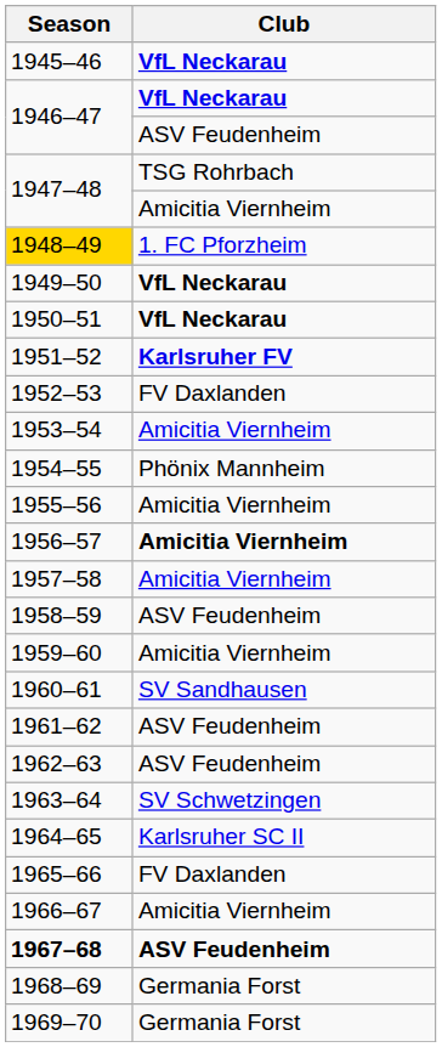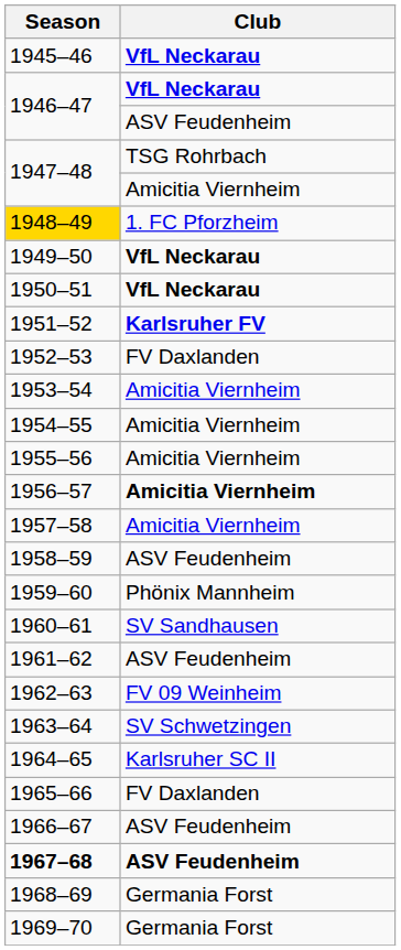 <table class="wikitable">
 <tr align="center" bgcolor="#dfdfdf">
 <th width="80">Season</th>
 <th width="200">Club</th>
 </tr>
 <tr>
 <td>1945–46</td>
 <td><strong><a href='#'>VfL Neckarau</a></strong></td>
 </tr>
 <tr>
 <td rowspan=2>1946–47</td>
 <td><strong><a href='#'>VfL Neckarau</a></strong></td>
 </tr>
 <tr>
 <td>ASV Feudenheim</td>
 </tr>
 <tr>
 <td rowspan=2>1947–48</td>
 <td>TSG Rohrbach</td>
 </tr>
 <tr>
 <td>Amicitia Viernheim</td>
 </tr>
 <tr>
 <td style="background: gold;">1948–49</td>
 <td><a href='#'>1. FC Pforzheim</a></td>
 </tr>
 <tr>
 <td>1949–50</td>
 <td><strong>VfL Neckarau</strong></td>
 </tr>
 <tr>
 <td>1950–51</td>
 <td><strong>VfL Neckarau</strong></td>
 </tr>
 <tr>
 <td>1951–52</td>
 <td><strong><a href='#'>Karlsruher FV</a></strong></td>
 </tr>
 <tr>
 <td>1952–53</td>
 <td>FV Daxlanden</td>
 </tr>
 <tr>
 <td>1953–54</td>
 <td><a href='#'>Amicitia Viernheim</a></td>
 </tr>
 <tr>
 <td>1954–55</td>
-<td>Phönix Mannheim</td>
+<td>Amicitia Viernheim</td>
 </tr>
 <tr>
 <td>1955–56</td>
 <td>Amicitia Viernheim</td>
 </tr>
 <tr>
 <td>1956–57</td>
 <td><strong>Amicitia Viernheim</strong></td>
 </tr>
 <tr>
 <td>1957–58</td>
 <td><a href='#'>Amicitia Viernheim</a></td>
 </tr>
 <tr>
 <td>1958–59</td>
 <td>ASV Feudenheim</td>
 </tr>
 <tr>
 <td>1959–60</td>
-<td>Amicitia Viernheim</td>
+<td>Phönix Mannheim</td>
 </tr>
 <tr>
 <td>1960–61</td>
 <td><a href='#'>SV Sandhausen</a></td>
 </tr>
 <tr>
 <td>1961–62</td>
 <td>ASV Feudenheim</td>
 </tr>
 <tr>
 <td>1962–63</td>
-<td>ASV Feudenheim</td>
+<td><a href='#'>FV 09 Weinheim</a></td>
 </tr>
 <tr>
 <td>1963–64</td>
 <td><a href='#'>SV Schwetzingen</a></td>
 </tr>
 <tr>
 <td>1964–65</td>
 <td><a href='#'>Karlsruher SC II</a></td>
 </tr>
 <tr>
 <td>1965–66</td>
 <td>FV Daxlanden</td>
 </tr>
 <tr>
 <td>1966–67</td>
-<td>Amicitia Viernheim</td>
+<td>ASV Feudenheim</td>
 </tr>
 <tr>
 <td><strong>1967–68</strong></td>
 <td><strong>ASV Feudenheim</strong></td>
 </tr>
 <tr>
 <td>1968–69</td>
 <td>Germania Forst</td>
 </tr>
 <tr>
 <td>1969–70</td>
 <td>Germania Forst</td>
 </tr>
 </table>
